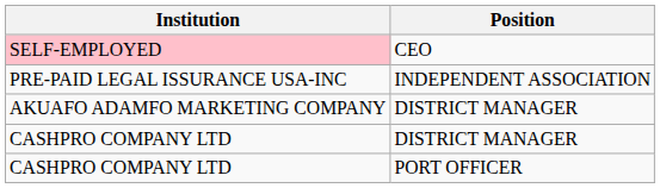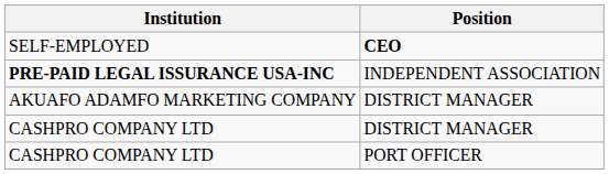 <table class="wikitable">
 <tr>
 <th>Institution</th>
 <th>Position</th>
 </tr>
 <tr>
-<td style="background: pink;">SELF-EMPLOYED</td>
-<td>CEO</td>
+<td>SELF-EMPLOYED</td>
+<td><strong>CEO</strong></td>
 </tr>
 <tr>
-<td>PRE-PAID LEGAL ISSURANCE USA-INC</td>
+<td><strong>PRE-PAID LEGAL ISSURANCE USA-INC</strong></td>
 <td>INDEPENDENT ASSOCIATION</td>
 </tr>
 <tr>
 <td>AKUAFO ADAMFO MARKETING COMPANY</td>
 <td>DISTRICT MANAGER</td>
 </tr>
 <tr>
 <td>CASHPRO COMPANY LTD</td>
 <td>DISTRICT MANAGER</td>
 </tr>
 <tr>
 <td>CASHPRO COMPANY LTD</td>
 <td>PORT OFFICER</td>
 </tr>
 </table>
